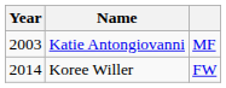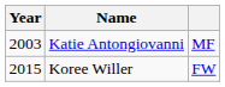 <table class="wikitable" style="text-align: ">
 <tr>
 <th>Year</th>
 <th>Name</th>
 <th></th>
 </tr>
 <tr>
 <td>2003</td>
 <td><a href='#'>Katie Antongiovanni</a></td>
 <td><a href='#'>MF</a></td>
 </tr>
 <tr>
-<td>2014</td>
+<td>2015</td>
 <td>Koree Willer</td>
 <td><a href='#'>FW</a></td>
 </tr>
 </table>
